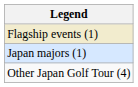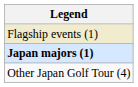 <table class="wikitable" style="font-size:95%;">
 <tr>
 <th>Legend</th>
 </tr>
 <tr style="background:#f2ecce;">
 <td>Flagship events (1)</td>
 </tr>
 <tr style="background:#D6E8FF;">
-<td>Japan majors (1)</td>
+<td><strong>Japan majors (1)</strong></td>
 </tr>
 <tr>
 <td>Other Japan Golf Tour (4)</td>
 </tr>
 </table>
